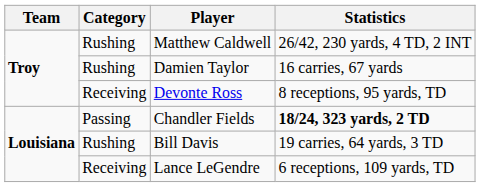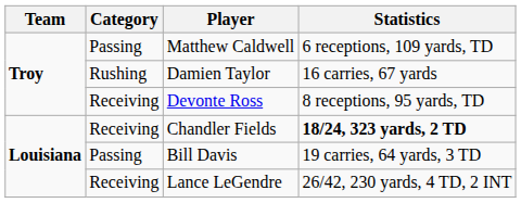 <table class="wikitable" style="float: right;">
 <tr>
 <th>Team</th>
 <th>Category</th>
 <th>Player</th>
 <th>Statistics</th>
 </tr>
 <tr>
 <td rowspan=3><strong>Troy</strong></td>
-<td>Rushing</td>
+<td>Passing</td>
 <td>Matthew Caldwell</td>
-<td>26/42, 230 yards, 4 TD, 2 INT</td>
+<td>6 receptions, 109 yards, TD</td>
 </tr>
 <tr>
 <td>Rushing</td>
 <td>Damien Taylor</td>
 <td>16 carries, 67 yards</td>
 </tr>
 <tr>
 <td>Receiving</td>
 <td><a href='#'>Devonte Ross</a></td>
 <td>8 receptions, 95 yards, TD</td>
 </tr>
 <tr>
 <td rowspan=3><strong>Louisiana</strong></td>
-<td>Passing</td>
+<td>Receiving</td>
 <td>Chandler Fields</td>
 <td><strong>18/24, 323 yards, 2 TD</strong></td>
 </tr>
 <tr>
-<td>Rushing</td>
+<td>Passing</td>
 <td>Bill Davis</td>
 <td>19 carries, 64 yards, 3 TD</td>
 </tr>
 <tr>
 <td>Receiving</td>
 <td>Lance LeGendre</td>
-<td>6 receptions, 109 yards, TD</td>
+<td>26/42, 230 yards, 4 TD, 2 INT</td>
 </tr>
 </table>
